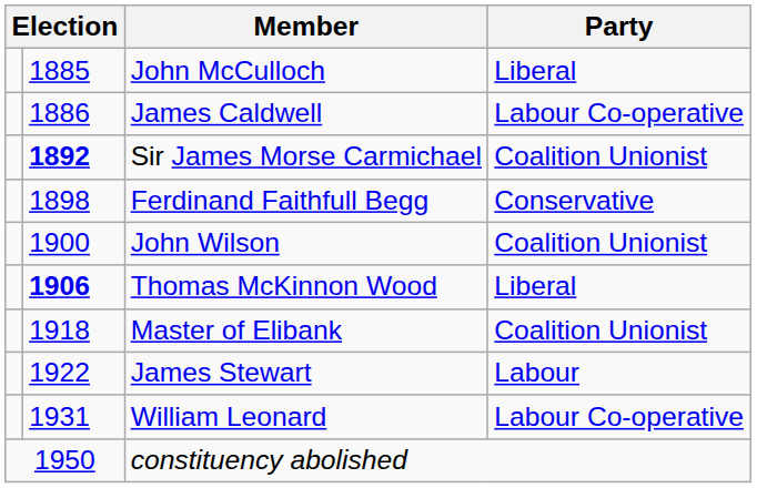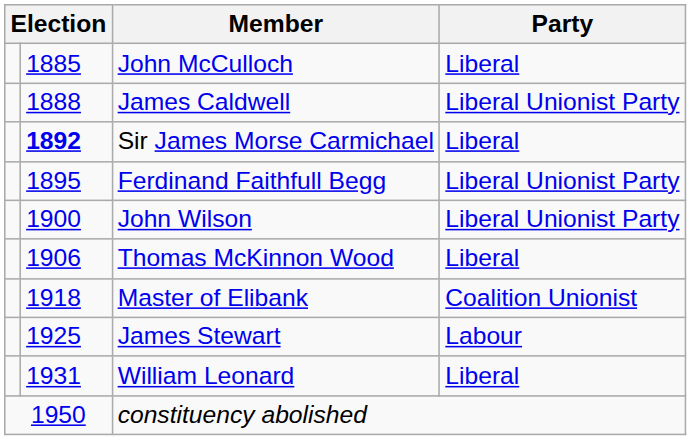 <table class="wikitable">
 <tr>
 <th colspan="2">Election</th>
 <th>Member  </th>
 <th>Party</th>
 </tr>
 <tr>
 <td style="color:inherit;background-color: "></td>
 <td><a href='#'>1885</a></td>
 <td><a href='#'>John McCulloch</a></td>
 <td><a href='#'>Liberal</a></td>
 </tr>
 <tr>
 <td style="color:inherit;background-color: "></td>
-<td><a href='#'>1886</a></td>
+<td><a href='#'>1888</a></td>
 <td><a href='#'>James Caldwell</a></td>
-<td><a href='#'>Labour Co-operative</a></td>
+<td><a href='#'>Liberal Unionist Party</a></td>
 </tr>
 <tr>
 <td style="color:inherit;background-color: "></td>
 <td><strong><a href='#'>1892</a></strong></td>
 <td>Sir <a href='#'>James Morse Carmichael</a></td>
-<td><a href='#'>Coalition Unionist</a></td>
+<td><a href='#'>Liberal</a></td>
 </tr>
 <tr>
 <td style="color:inherit;background-color: "></td>
-<td><a href='#'>1898</a></td>
+<td><a href='#'>1895</a></td>
 <td><a href='#'>Ferdinand Faithfull Begg</a></td>
-<td><a href='#'>Conservative</a></td>
+<td><a href='#'>Liberal Unionist Party</a></td>
 </tr>
 <tr>
 <td style="color:inherit;background-color: "></td>
 <td><a href='#'>1900</a></td>
 <td><a href='#'>John Wilson</a></td>
-<td><a href='#'>Coalition Unionist</a></td>
+<td><a href='#'>Liberal Unionist Party</a></td>
 </tr>
 <tr>
 <td style="color:inherit;background-color: "></td>
-<td><strong><a href='#'>1906</a></strong></td>
+<td><a href='#'>1906</a></td>
 <td><a href='#'>Thomas McKinnon Wood</a></td>
 <td><a href='#'>Liberal</a></td>
 </tr>
 <tr>
 <td style="color:inherit;background-color: "></td>
 <td><a href='#'>1918</a></td>
 <td><a href='#'>Master of Elibank</a></td>
 <td><a href='#'>Coalition Unionist</a></td>
 </tr>
 <tr>
 <td style="color:inherit;background-color: "></td>
-<td><a href='#'>1922</a></td>
+<td><a href='#'>1925</a></td>
 <td><a href='#'>James Stewart</a></td>
 <td><a href='#'>Labour</a></td>
 </tr>
 <tr>
 <td style="color:inherit;background-color: "></td>
 <td><a href='#'>1931</a></td>
 <td><a href='#'>William Leonard</a></td>
-<td><a href='#'>Labour Co-operative</a></td>
+<td><a href='#'>Liberal</a></td>
 </tr>
 <tr>
 <td colspan="2" align="center"><a href='#'>1950</a></td>
 <td colspan="2"><em>constituency abolished</em></td>
 </tr>
 </table>
